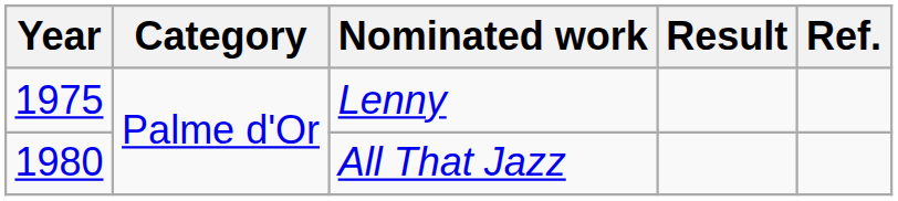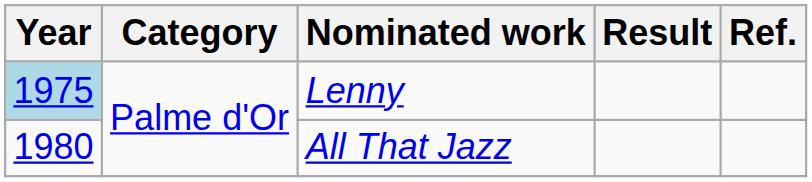 <table class="wikitable">
 <tr>
 <th>Year</th>
 <th>Category</th>
 <th>Nominated work</th>
 <th>Result</th>
 <th>Ref.</th>
 </tr>
 <tr>
-<td><a href='#'>1975</a></td>
+<td style="background: lightblue;"><a href='#'>1975</a></td>
 <td rowspan="2"><a href='#'>Palme d'Or</a></td>
 <td><em><a href='#'>Lenny</a></em></td>
 <td></td>
 <td align="center"></td>
 </tr>
 <tr>
 <td><a href='#'>1980</a></td>
 <td><em><a href='#'>All That Jazz</a></em></td>
 <td></td>
 <td align="center"></td>
 </tr>
 </table>
